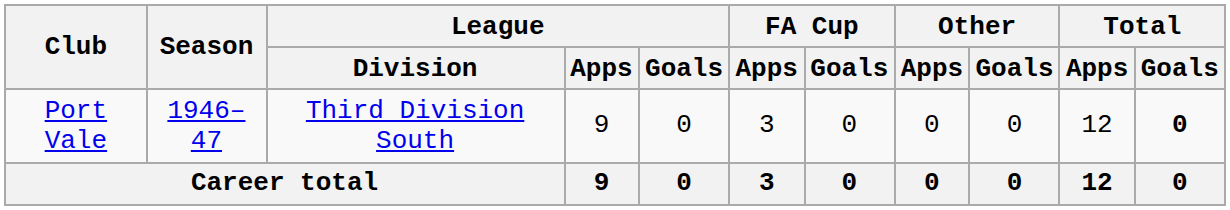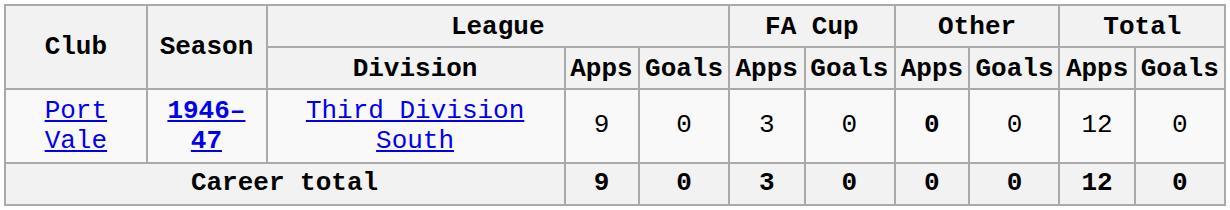 <table class="wikitable" style="text-align: center;">
 <tr>
 <th rowspan="2">Club</th>
 <th rowspan="2">Season</th>
 <th colspan="3">League</th>
 <th colspan="2">FA Cup</th>
 <th colspan="2">Other</th>
 <th colspan="2">Total</th>
 </tr>
 <tr>
 <th>Division</th>
 <th>Apps</th>
 <th>Goals</th>
 <th>Apps</th>
 <th>Goals</th>
 <th>Apps</th>
 <th>Goals</th>
 <th>Apps</th>
 <th>Goals</th>
 </tr>
 <tr>
 <td><a href='#'>Port Vale</a></td>
-<td><a href='#'>1946–47</a></td>
+<td><strong><a href='#'>1946–47</a></strong></td>
 <td><a href='#'>Third Division South</a></td>
 <td>9</td>
 <td>0</td>
 <td>3</td>
 <td>0</td>
-<td>0</td>
+<td><strong>0</strong></td>
 <td>0</td>
 <td>12</td>
-<td><strong>0</strong></td>
+<td>0</td>
 </tr>
 <tr>
 <th colspan="3">Career total</th>
 <th>9</th>
 <th>0</th>
 <th>3</th>
 <th>0</th>
 <th>0</th>
 <th>0</th>
 <th>12</th>
 <th>0</th>
 </tr>
 </table>
